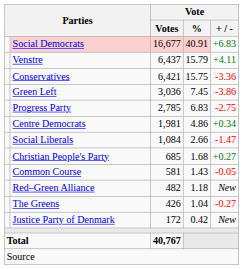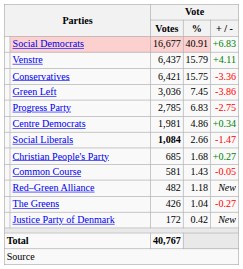 <table class="wikitable" style="text-align:right;">
 <tr>
 <th style="text-align:centre;" rowspan="2" colspan="2" width="225">Parties</th>
 <th colspan="3">Vote</th>
 </tr>
 <tr>
 <th width="15">Votes</th>
 <th width="15">%</th>
 <th width="15">+ / -</th>
 </tr>
 <tr>
 <td width="2" style="color:inherit;background:"></td>
 <td bgcolor=#fbd0ce  align="left"><a href='#'>Social Democrats</a></td>
 <td bgcolor=#fbd0ce>16,677</td>
 <td bgcolor=#fbd0ce>40.91</td>
 <td style=color:green;>+6.83</td>
 </tr>
 <tr>
 <td width="2" style="color:inherit;background:"></td>
 <td align="left"><a href='#'>Venstre</a></td>
 <td>6,437</td>
 <td>15.79</td>
 <td style=color:green;>+4.11</td>
 </tr>
 <tr>
 <td width="2" style="color:inherit;background:"></td>
 <td align="left"><a href='#'>Conservatives</a></td>
 <td>6,421</td>
 <td>15.75</td>
 <td style=color:red;>-3.36</td>
 </tr>
 <tr>
 <td width="2" style="color:inherit;background:"></td>
 <td align="left"><a href='#'>Green Left</a></td>
 <td>3,036</td>
 <td>7.45</td>
 <td style=color:red;>-3.86</td>
 </tr>
 <tr>
 <td width="2" style="color:inherit;background:"></td>
 <td align="left"><a href='#'>Progress Party</a></td>
 <td>2,785</td>
 <td>6.83</td>
 <td style=color:red;>-2.75</td>
 </tr>
 <tr>
 <td width="2" style="color:inherit;background:"></td>
 <td align="left"><a href='#'>Centre Democrats</a></td>
 <td>1,981</td>
 <td>4.86</td>
 <td style=color:green;>+0.34</td>
 </tr>
 <tr>
 <td width="2" style="color:inherit;background:"></td>
 <td align="left"><a href='#'>Social Liberals</a></td>
-<td>1,084</td>
+<td><strong>1,084</strong></td>
 <td>2.66</td>
 <td style=color:red;>-1.47</td>
 </tr>
 <tr>
 <td width="2" style="color:inherit;background:"></td>
 <td align="left"><a href='#'>Christian People's Party</a></td>
 <td>685</td>
 <td>1.68</td>
 <td style=color:green;>+0.27</td>
 </tr>
 <tr>
 <td width="2" style="color:inherit;background:"></td>
 <td align="left"><a href='#'>Common Course</a></td>
 <td>581</td>
 <td>1.43</td>
 <td style=color:red;>-0.05</td>
 </tr>
 <tr>
 <td width="2" style="color:inherit;background:"></td>
 <td align="left"><a href='#'>Red–Green Alliance</a></td>
 <td>482</td>
 <td>1.18</td>
 <td><em>New</em></td>
 </tr>
 <tr>
 <td width="2" style="color:inherit;background:"></td>
 <td align="left"><a href='#'>The Greens</a></td>
 <td>426</td>
 <td>1.04</td>
 <td style=color:red;>-0.27</td>
 </tr>
 <tr>
 <td width="2" style="color:inherit;background:"></td>
 <td align="left"><a href='#'>Justice Party of Denmark</a></td>
 <td>172</td>
 <td>0.42</td>
 <td><em>New</em></td>
 </tr>
 <tr>
 <td colspan="7" bgcolor="#E9E9E9"></td>
 </tr>
 <tr>
 <td align="left" colspan="2"><strong>Total</strong></td>
 <td><strong>40,767</strong></td>
 <td bgcolor="#E9E9E9" colspan="2"></td>
 </tr>
 <tr>
 <td align="left" colspan="6">Source</td>
 </tr>
 </table>
